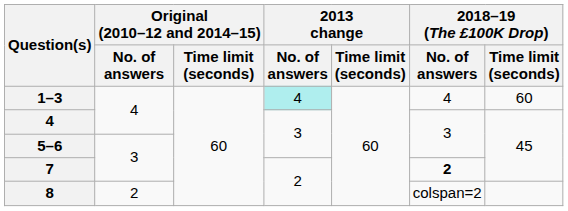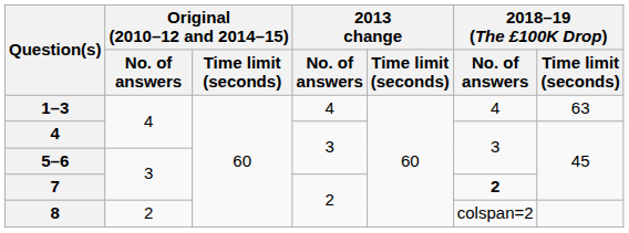 <table class="wikitable" style="text-align:center">
 <tr Time Limit and Answers per Questions>
 <th rowspan=2>Question(s)</th>
 <th colspan=2>Original<br>(2010–12 and 2014–15)</th>
 <th colspan=2>2013<br>change</th>
 <th colspan=2>2018–19<br>(<em>The £100K Drop</em>)</th>
 </tr>
 <tr>
 <th>No. of<br>answers</th>
 <th>Time limit<br>(seconds)</th>
 <th>No. of<br>answers</th>
 <th>Time limit<br>(seconds)</th>
 <th>No. of<br>answers</th>
 <th>Time limit<br>(seconds)</th>
 </tr>
 <tr>
 <th>1–3</th>
 <td rowspan=2>4</td>
 <td rowspan=5>60</td>
-<td style="background: paleturquoise;">4</td>
+<td>4</td>
 <td rowspan=5>60</td>
 <td>4</td>
-<td>60</td>
+<td>63</td>
 </tr>
 <tr>
 <th>4</th>
 <td rowspan=2>3</td>
 <td rowspan=2>3</td>
 <td rowspan=3>45</td>
 </tr>
 <tr>
 <th>5–6</th>
 <td rowspan=2>3</td>
 </tr>
 <tr>
 <th>7</th>
 <td rowspan=2>2</td>
 <td><strong>2</strong></td>
 </tr>
 <tr>
 <th>8</th>
 <td>2</td>
 <td>colspan=2 </td>
 </tr>
 </table>
